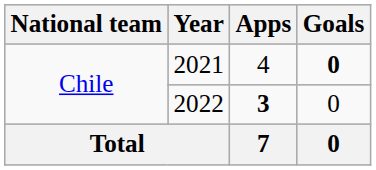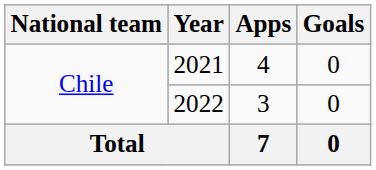 <table class=wikitable style=text-align:center>
 <tr>
 <th>National team</th>
 <th>Year</th>
 <th>Apps</th>
 <th>Goals</th>
 </tr>
 <tr>
 <td rowspan="2"><a href='#'>Chile</a></td>
 <td>2021</td>
 <td>4</td>
-<td><strong>0</strong></td>
+<td>0</td>
 </tr>
 <tr>
 <td>2022</td>
-<td><strong>3</strong></td>
+<td>3</td>
 <td>0</td>
 </tr>
 <tr>
 <th colspan="2">Total</th>
 <th>7</th>
 <th>0</th>
 </tr>
 </table>
